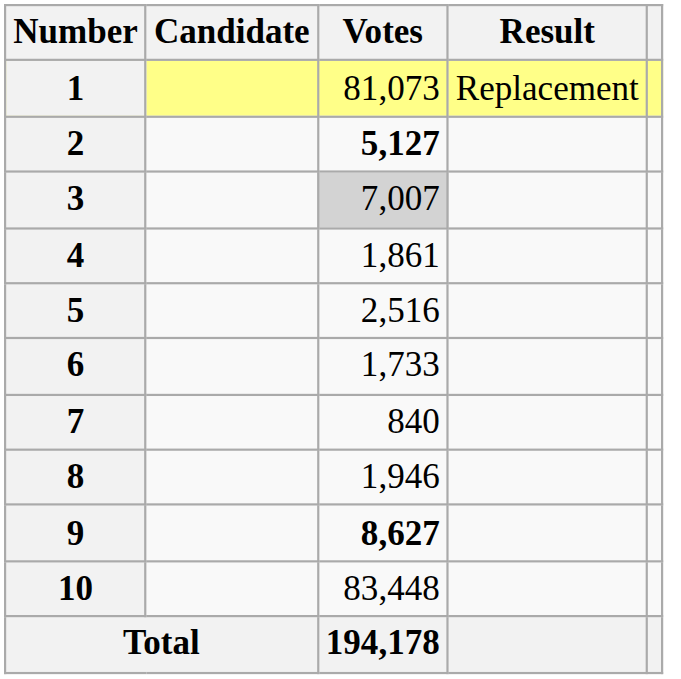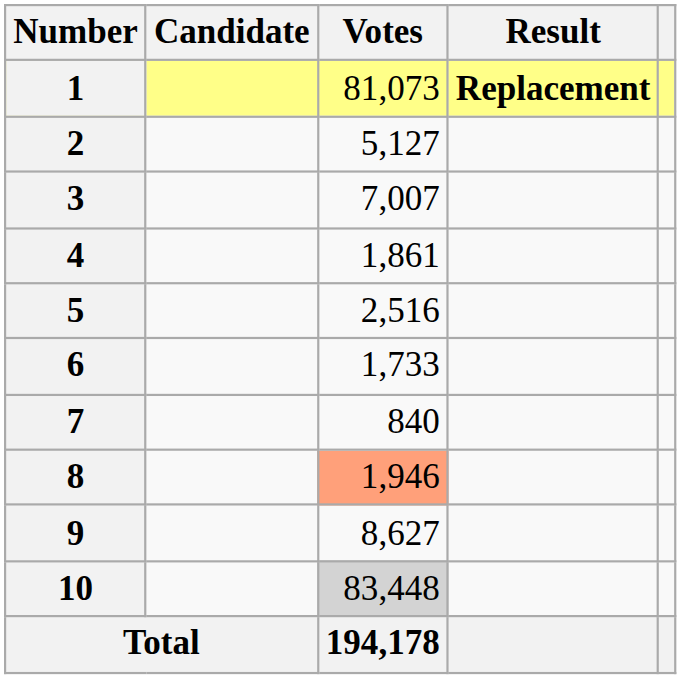 <table class="wikitable sortable">
 <tr>
 <th scope="col">Number</th>
 <th scope="col">Candidate</th>
 <th scope="col">Votes</th>
 <th scope="col">Result</th>
 <th scope="col" class="unsortable"></th>
 </tr>
 <tr bgcolor=#FF8>
 <th scope="row">1</th>
 <td></td>
 <td style="text-align:right">81,073</td>
-<td>Replacement</td>
+<td><strong>Replacement</strong></td>
 <td></td>
 </tr>
 <tr>
 <th scope="row">2</th>
 <td></td>
-<td style="text-align:right"><strong>5,127</strong></td>
+<td style="text-align:right">5,127</td>
 <td></td>
 <td></td>
 </tr>
 <tr>
 <th scope="row">3</th>
 <td></td>
-<td style="background: lightgrey; text-align:right">7,007</td>
+<td style="text-align:right">7,007</td>
 <td></td>
 <td></td>
 </tr>
 <tr>
 <th scope="row">4</th>
 <td></td>
 <td style="text-align:right">1,861</td>
 <td></td>
 <td></td>
 </tr>
 <tr>
 <th scope="row">5</th>
 <td></td>
 <td style="text-align:right">2,516</td>
 <td></td>
 <td></td>
 </tr>
 <tr>
 <th scope="row">6</th>
 <td></td>
 <td style="text-align:right">1,733</td>
 <td></td>
 <td></td>
 </tr>
 <tr>
 <th scope="row">7</th>
 <td></td>
 <td style="text-align:right">840</td>
 <td></td>
 <td></td>
 </tr>
 <tr>
 <th scope="row">8</th>
 <td></td>
-<td style="text-align:right">1,946</td>
+<td style="background: lightsalmon; text-align:right">1,946</td>
 <td></td>
 <td></td>
 </tr>
 <tr>
 <th scope="row">9</th>
 <td></td>
-<td style="text-align:right"><strong>8,627</strong></td>
+<td style="text-align:right">8,627</td>
 <td></td>
 <td></td>
 </tr>
 <tr>
 <th scope="row">10</th>
 <td></td>
-<td style="text-align:right">83,448</td>
+<td style="background: lightgrey; text-align:right">83,448</td>
 <td></td>
 <td></td>
 </tr>
 <tr class="sortbottom">
 <th scope="row" colspan="2">Total</th>
 <th style="text-align:right">194,178</th>
 <th></th>
 <th></th>
 </tr>
 </table>
